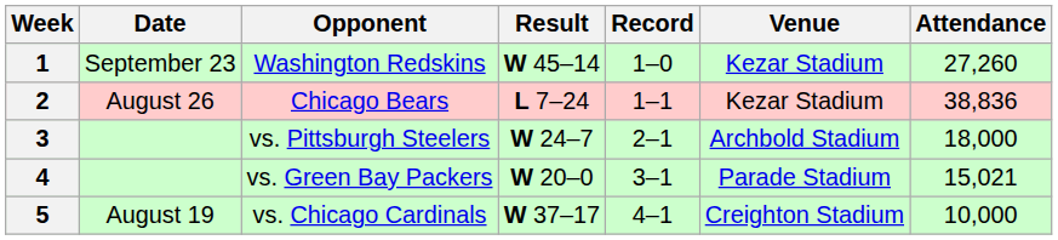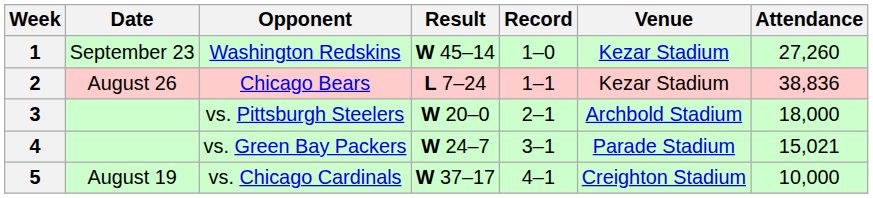 <table class="wikitable" style="text-align:center">
 <tr>
 <th>Week</th>
 <th>Date</th>
 <th>Opponent</th>
 <th>Result</th>
 <th>Record</th>
 <th>Venue</th>
 <th>Attendance</th>
 </tr>
 <tr style="background:#cfc">
 <th>1</th>
 <td>September 23</td>
 <td><a href='#'>Washington Redskins</a></td>
 <td><strong>W</strong> 45–14</td>
 <td>1–0</td>
 <td><a href='#'>Kezar Stadium</a></td>
 <td>27,260</td>
 </tr>
 <tr style="background:#fcc">
 <th>2</th>
 <td>August 26</td>
 <td><a href='#'>Chicago Bears</a></td>
 <td><strong>L</strong> 7–24</td>
 <td>1–1</td>
 <td>Kezar Stadium</td>
 <td>38,836</td>
 </tr>
 <tr style="background:#cfc">
 <th>3</th>
 <td></td>
 <td>vs. <a href='#'>Pittsburgh Steelers</a></td>
-<td><strong>W</strong> 24–7</td>
+<td><strong>W</strong> 20–0</td>
 <td>2–1</td>
 <td><a href='#'>Archbold Stadium</a></td>
 <td>18,000</td>
 </tr>
 <tr style="background:#cfc">
 <th>4</th>
 <td></td>
 <td>vs. <a href='#'>Green Bay Packers</a></td>
-<td><strong>W</strong> 20–0</td>
+<td><strong>W</strong> 24–7</td>
 <td>3–1</td>
 <td><a href='#'>Parade Stadium</a></td>
 <td>15,021</td>
 </tr>
 <tr style="background:#cfc">
 <th>5</th>
 <td>August 19</td>
 <td>vs. <a href='#'>Chicago Cardinals</a></td>
 <td><strong>W</strong> 37–17</td>
 <td>4–1</td>
 <td><a href='#'>Creighton Stadium</a></td>
 <td>10,000</td>
 </tr>
 </table>
